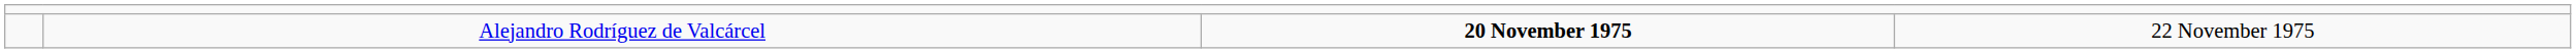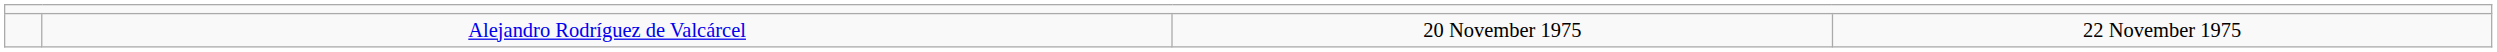 <table class="wikitable" width="98%">
 <tr>
 <td colspan="5"></td>
 </tr>
 <tr>
 <td align="center"></td>
 <td align="center"><a href='#'>Alejandro Rodríguez de Valcárcel</a></td>
-<td align="center"><strong>20 November 1975</strong></td>
+<td align="center">20 November 1975</td>
 <td align="center">22 November 1975</td>
 </tr>
 </table>
